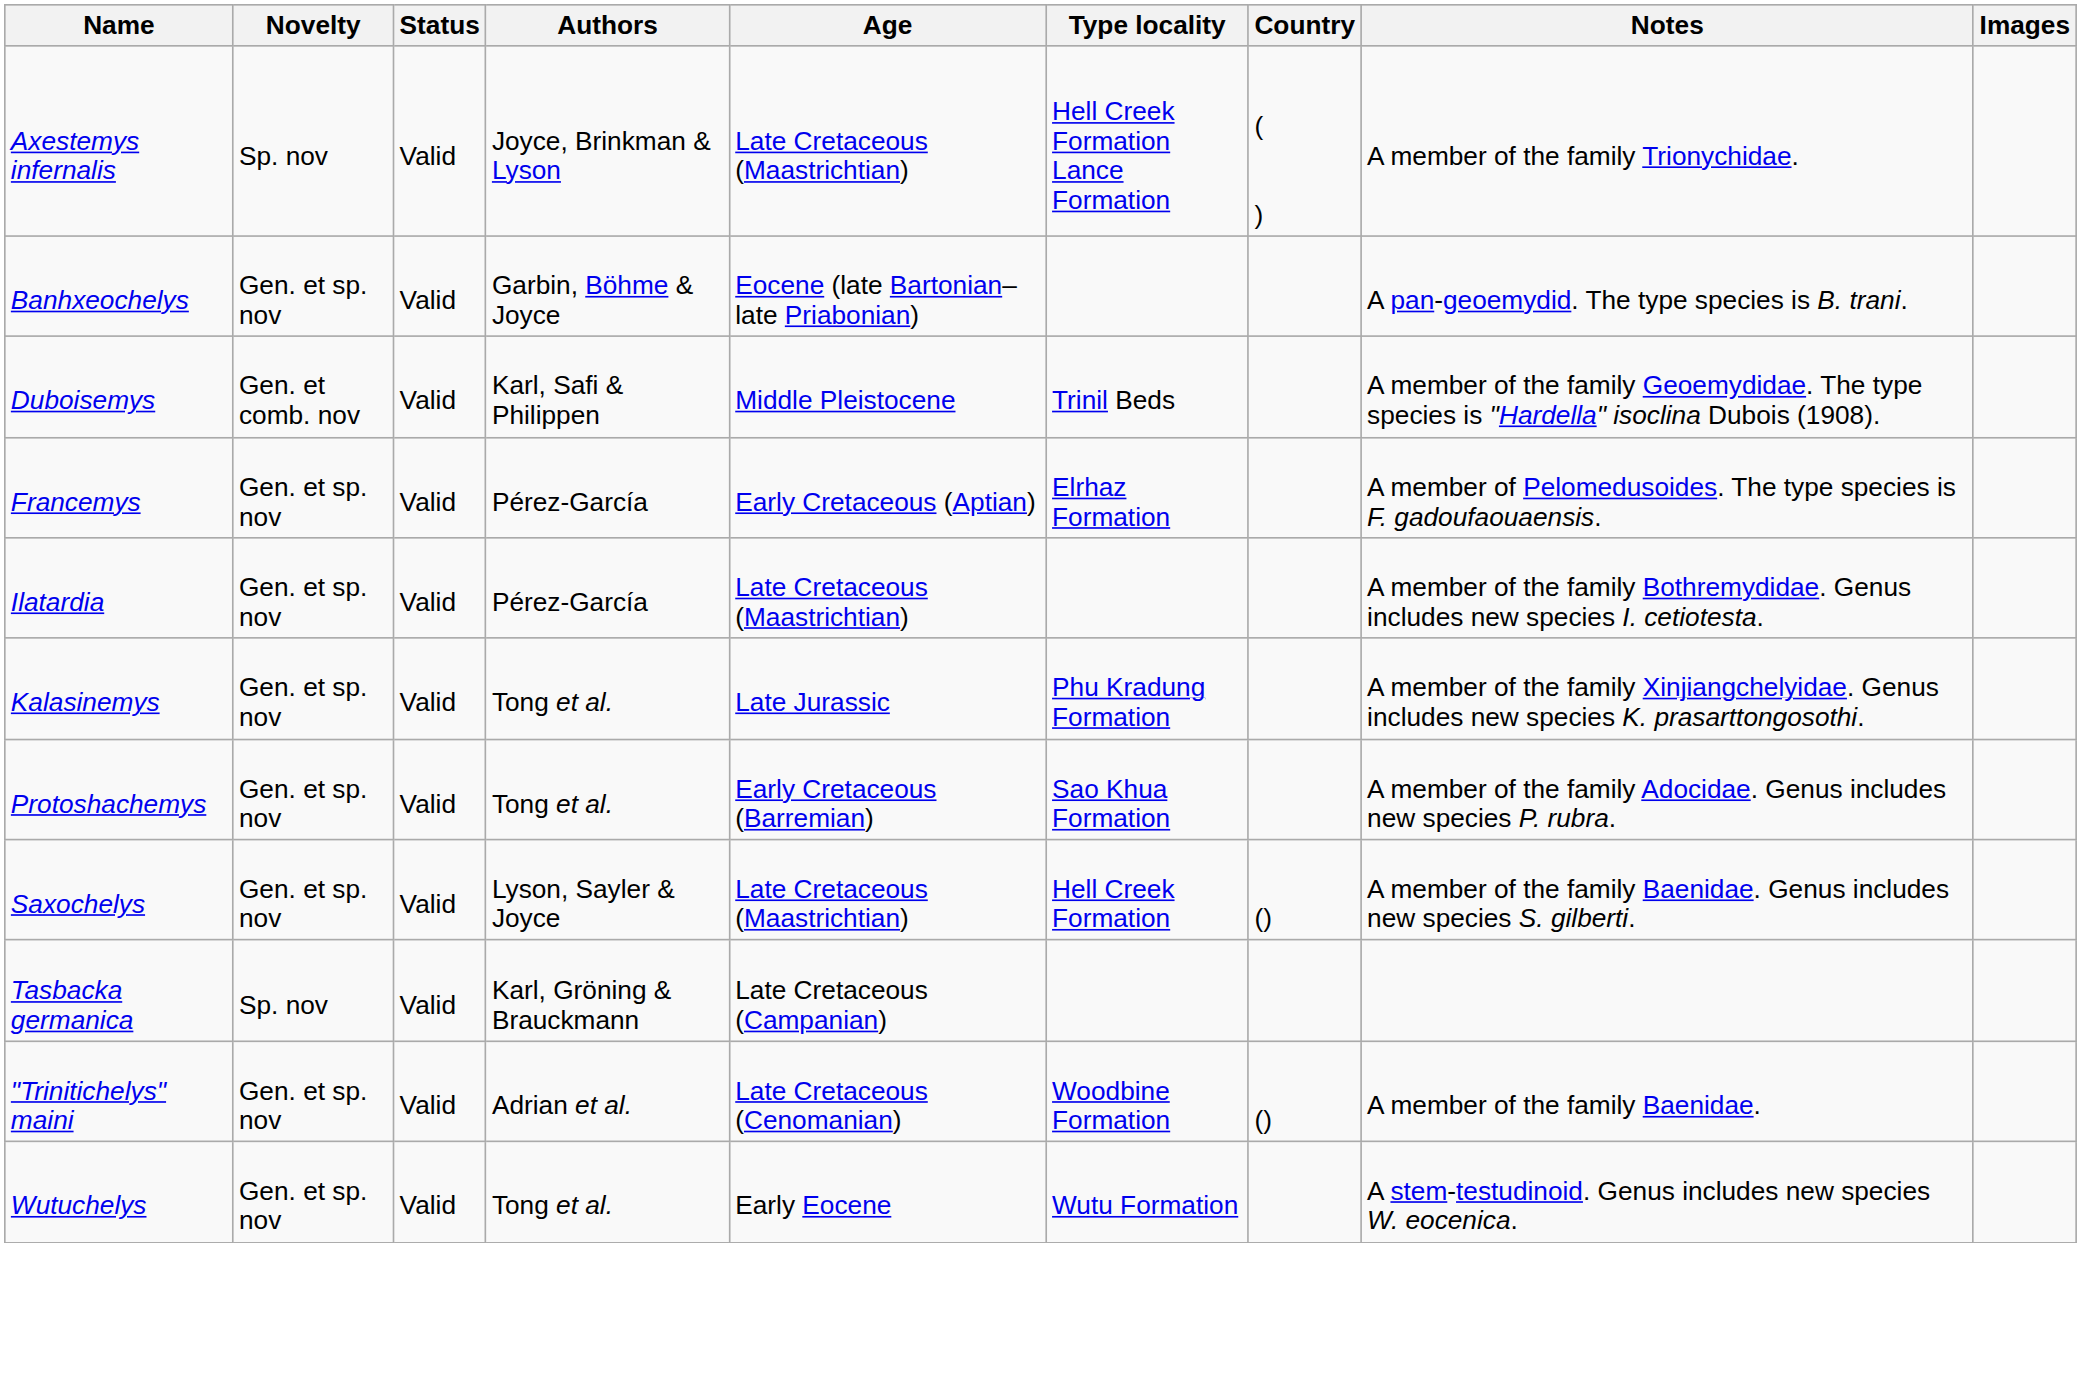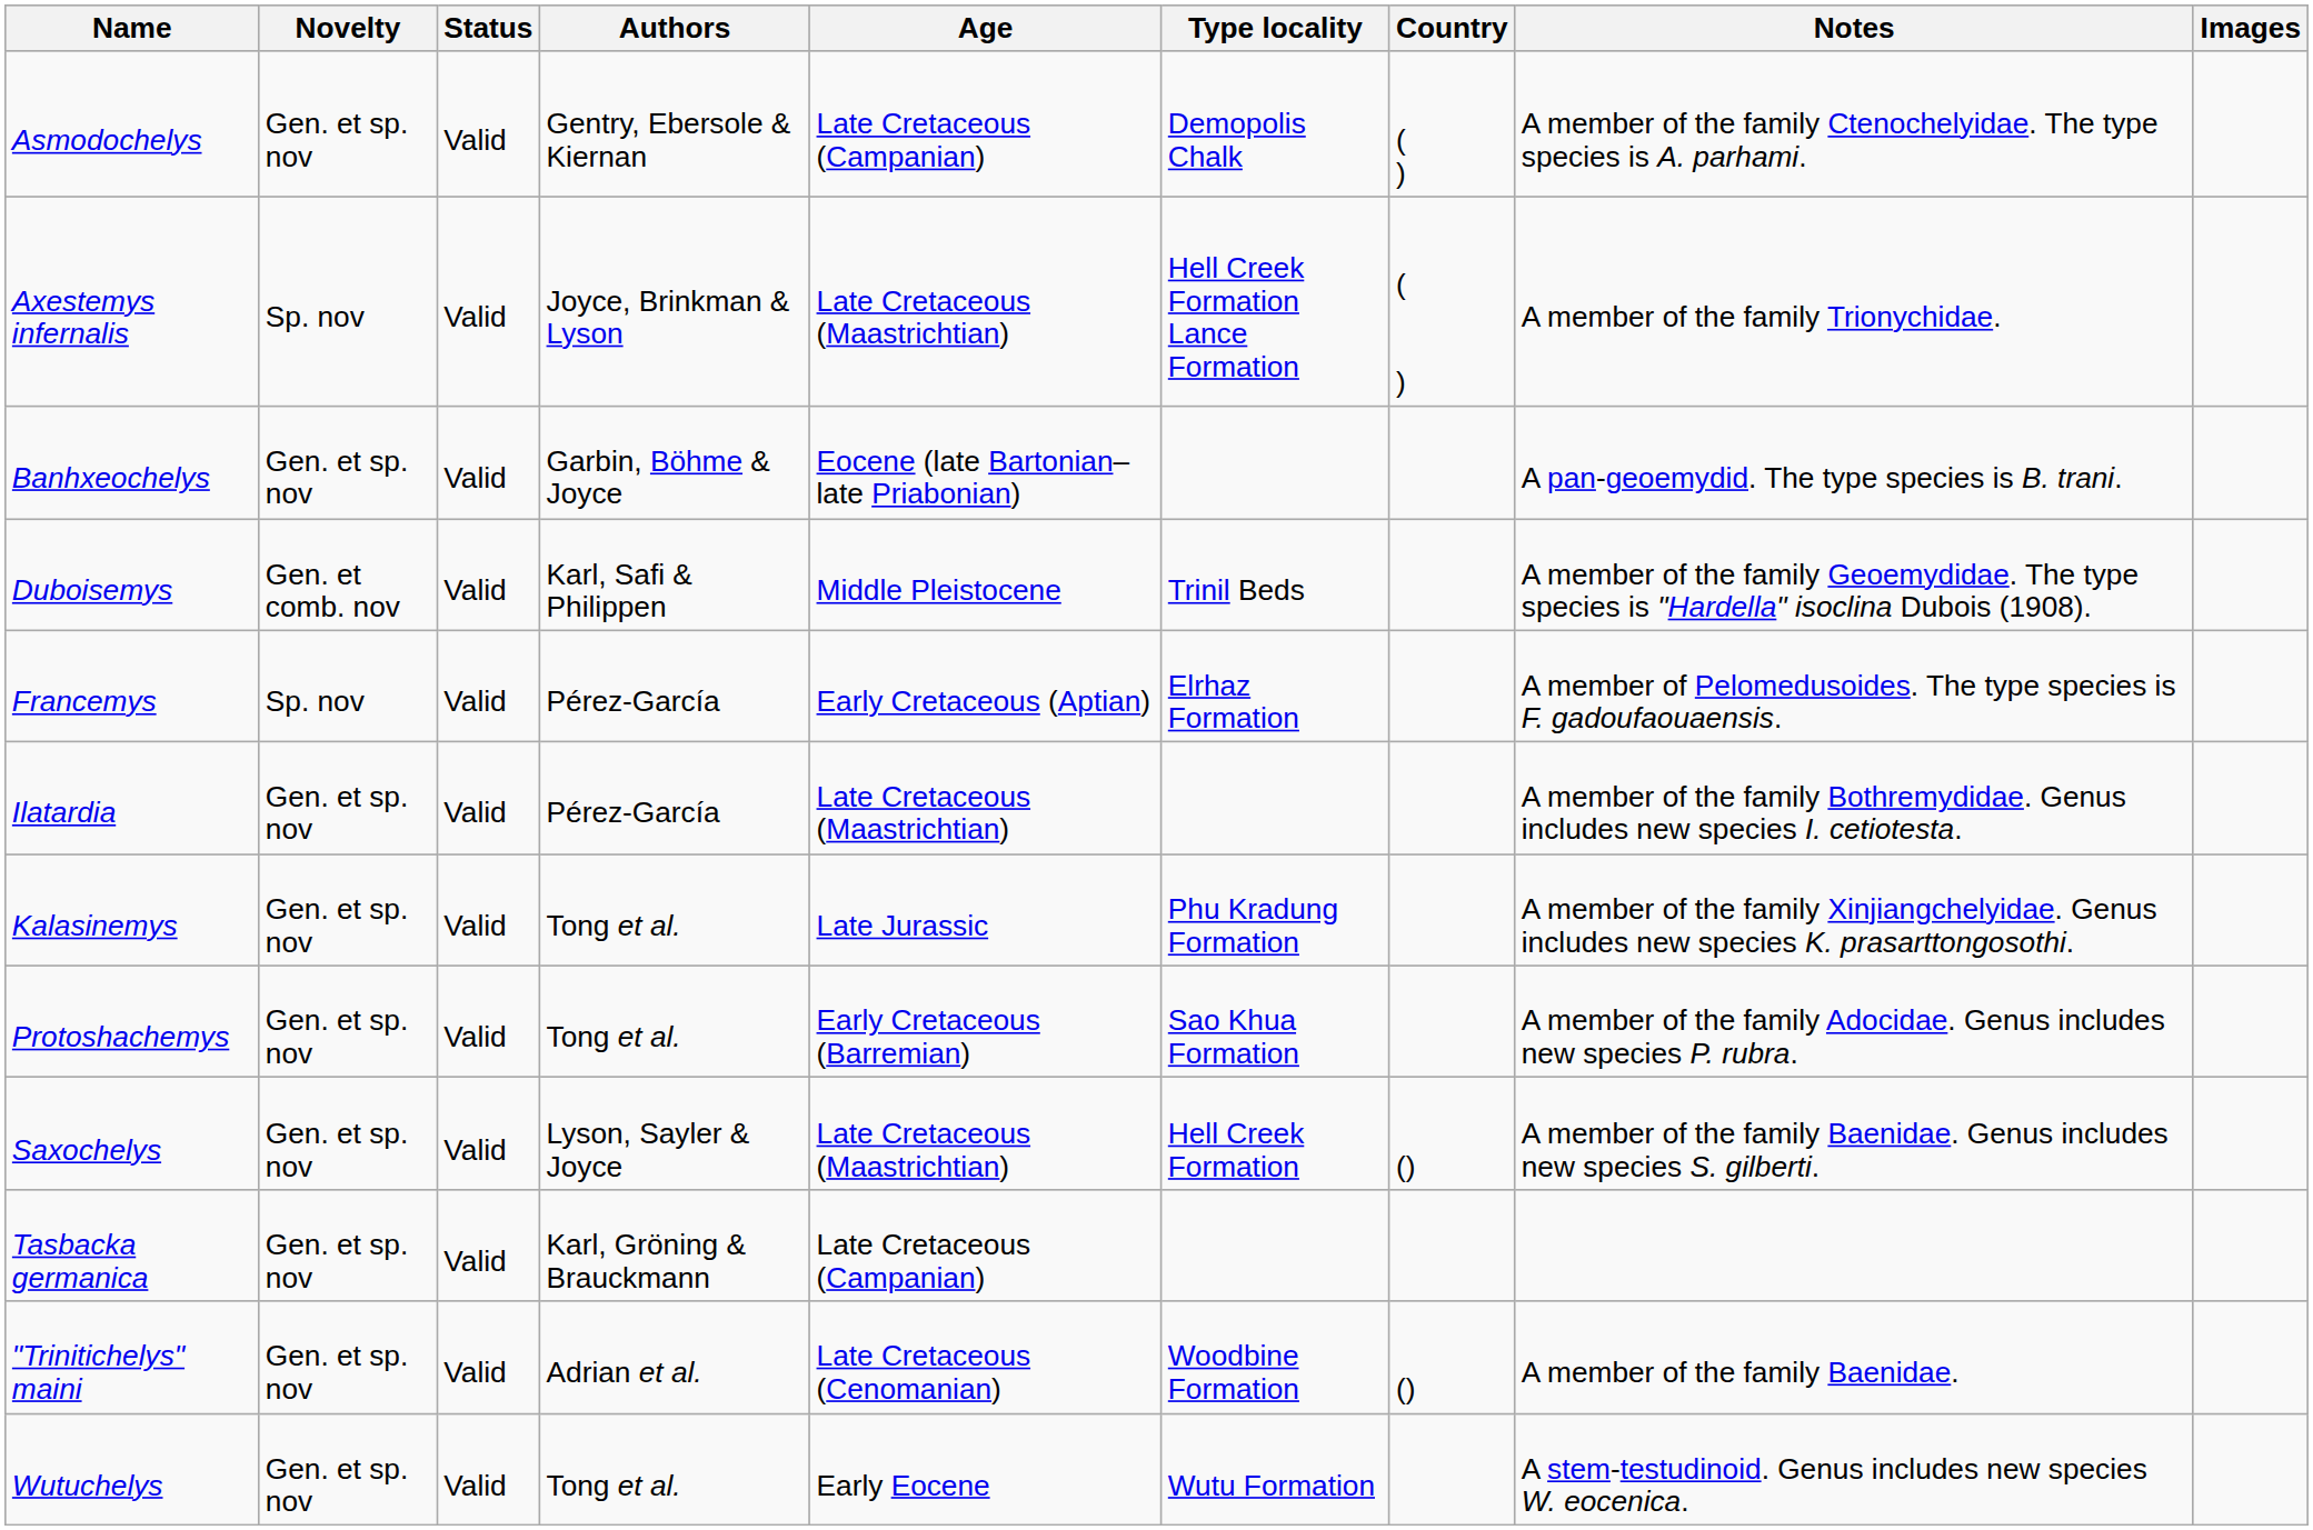 <table class="wikitable sortable" align="center" width="100%">
 <tr>
 <th>Name</th>
 <th>Novelty</th>
 <th>Status</th>
 <th>Authors</th>
 <th>Age</th>
 <th>Type locality</th>
 <th>Country</th>
 <th>Notes</th>
 <th>Images</th>
+</tr>
+<tr>
+<td><br><em><a href='#'>Asmodochelys</a></em></td>
+<td><br>Gen. et sp. nov</td>
+<td><br>Valid</td>
+<td><br>Gentry, Ebersole & Kiernan</td>
+<td><br><a href='#'>Late Cretaceous</a> (<a href='#'>Campanian</a>)</td>
+<td><br><a href='#'>Demopolis Chalk</a></td>
+<td><br><br>(<br>)</td>
+<td><br>A member of the family <a href='#'>Ctenochelyidae</a>. The type species is <em>A. parhami</em>.</td>
+<td></td>
 </tr>
 <tr>
 <td><br><em><a href='#'>Axestemys infernalis</a></em></td>
 <td><br>Sp. nov</td>
 <td><br>Valid</td>
 <td><br>Joyce, Brinkman & <a href='#'>Lyson</a></td>
 <td><br><a href='#'>Late Cretaceous</a> (<a href='#'>Maastrichtian</a>)</td>
 <td><br><a href='#'>Hell Creek Formation</a><br> <a href='#'>Lance Formation</a></td>
 <td><br><br>(<br><br><br>)</td>
 <td><br>A member of the family <a href='#'>Trionychidae</a>.</td>
 <td></td>
 </tr>
 <tr>
 <td><br><em><a href='#'>Banhxeochelys</a></em></td>
 <td><br>Gen. et sp. nov</td>
 <td><br>Valid</td>
 <td><br>Garbin, <a href='#'>Böhme</a> & Joyce</td>
 <td><br><a href='#'>Eocene</a> (late <a href='#'>Bartonian</a>–late <a href='#'>Priabonian</a>)</td>
 <td></td>
 <td><br></td>
 <td><br>A <a href='#'>pan</a>-<a href='#'>geoemydid</a>. The type species is <em>B. trani</em>.</td>
 <td></td>
 </tr>
 <tr>
 <td><br><em><a href='#'>Duboisemys</a></em></td>
 <td><br>Gen. et comb. nov</td>
 <td><br>Valid</td>
 <td><br>Karl, Safi & Philippen</td>
 <td><br><a href='#'>Middle Pleistocene</a></td>
 <td><br><a href='#'>Trinil</a> Beds</td>
 <td><br></td>
 <td><br>A member of the family <a href='#'>Geoemydidae</a>. The type species is <em>"<a href='#'>Hardella</a>" isoclina</em> Dubois (1908).</td>
 <td></td>
 </tr>
 <tr>
 <td><br><em><a href='#'>Francemys</a></em></td>
-<td><br>Gen. et sp. nov</td>
+<td><br>Sp. nov</td>
 <td><br>Valid</td>
 <td><br>Pérez-García</td>
 <td><br><a href='#'>Early Cretaceous</a> (<a href='#'>Aptian</a>)</td>
 <td><br><a href='#'>Elrhaz Formation</a></td>
 <td><br></td>
 <td><br>A member of <a href='#'>Pelomedusoides</a>. The type species is <em>F. gadoufaouaensis</em>.</td>
 <td></td>
 </tr>
 <tr>
 <td><br><em><a href='#'>Ilatardia</a></em></td>
 <td><br>Gen. et sp. nov</td>
 <td><br>Valid</td>
 <td><br>Pérez-García</td>
 <td><br><a href='#'>Late Cretaceous</a> (<a href='#'>Maastrichtian</a>)</td>
 <td></td>
 <td><br></td>
 <td><br>A member of the family <a href='#'>Bothremydidae</a>. Genus includes new species <em>I. cetiotesta</em>.</td>
 <td></td>
 </tr>
 <tr>
 <td><br><em><a href='#'>Kalasinemys</a></em></td>
 <td><br>Gen. et sp. nov</td>
 <td><br>Valid</td>
 <td><br>Tong <em>et al.</em></td>
 <td><br><a href='#'>Late Jurassic</a></td>
 <td><br><a href='#'>Phu Kradung Formation</a></td>
 <td><br></td>
 <td><br>A member of the family <a href='#'>Xinjiangchelyidae</a>. Genus includes new species <em>K. prasarttongosothi</em>.</td>
 <td></td>
 </tr>
 <tr>
 <td><br><em><a href='#'>Protoshachemys</a></em></td>
 <td><br>Gen. et sp. nov</td>
 <td><br>Valid</td>
 <td><br>Tong <em>et al.</em></td>
 <td><br><a href='#'>Early Cretaceous</a> (<a href='#'>Barremian</a>)</td>
 <td><br><a href='#'>Sao Khua Formation</a></td>
 <td><br></td>
 <td><br>A member of the family <a href='#'>Adocidae</a>. Genus includes new species <em>P. rubra</em>.</td>
 <td></td>
 </tr>
 <tr>
 <td><br><em><a href='#'>Saxochelys</a></em></td>
 <td><br>Gen. et sp. nov</td>
 <td><br>Valid</td>
 <td><br>Lyson, Sayler & Joyce</td>
 <td><br><a href='#'>Late Cretaceous</a> (<a href='#'>Maastrichtian</a>)</td>
 <td><br><a href='#'>Hell Creek Formation</a></td>
 <td><br><br>()</td>
 <td><br>A member of the family <a href='#'>Baenidae</a>. Genus includes new species <em>S. gilberti</em>.</td>
 <td></td>
 </tr>
 <tr>
 <td><br><em><a href='#'>Tasbacka germanica</a></em></td>
-<td><br>Sp. nov</td>
+<td><br>Gen. et sp. nov</td>
 <td><br>Valid</td>
 <td><br>Karl, Gröning & Brauckmann</td>
 <td><br>Late Cretaceous (<a href='#'>Campanian</a>)</td>
 <td></td>
 <td><br></td>
 <td></td>
 <td></td>
 </tr>
 <tr>
 <td><br><em><a href='#'>"Trinitichelys" maini</a></em></td>
 <td><br>Gen. et sp. nov</td>
 <td><br>Valid</td>
 <td><br>Adrian <em>et al.</em></td>
 <td><br><a href='#'>Late Cretaceous</a> (<a href='#'>Cenomanian</a>)</td>
 <td><br><a href='#'>Woodbine Formation</a></td>
 <td><br><br>()</td>
 <td><br>A member of the family <a href='#'>Baenidae</a>.</td>
 <td></td>
 </tr>
 <tr>
 <td><br><em><a href='#'>Wutuchelys</a></em></td>
 <td><br>Gen. et sp. nov</td>
 <td><br>Valid</td>
 <td><br>Tong <em>et al.</em></td>
 <td><br>Early <a href='#'>Eocene</a></td>
 <td><br><a href='#'>Wutu Formation</a></td>
 <td><br></td>
 <td><br>A <a href='#'>stem</a>-<a href='#'>testudinoid</a>. Genus includes new species <em>W. eocenica</em>.</td>
 <td></td>
 </tr>
 <tr>
 </tr>
 </table>
